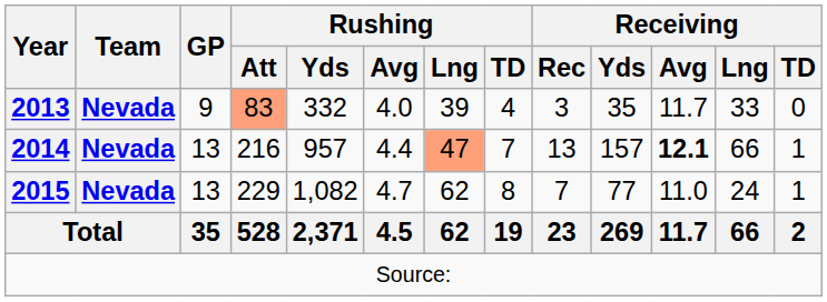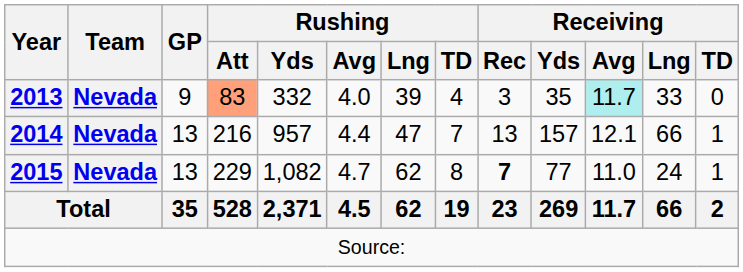 <table class="wikitable" style="text-align: center;">
 <tr>
 <th rowspan="2">Year</th>
 <th rowspan="2">Team</th>
 <th rowspan="2">GP</th>
 <th colspan="5">Rushing</th>
 <th colspan="5">Receiving</th>
 </tr>
 <tr>
 <th>Att</th>
 <th>Yds</th>
 <th>Avg</th>
 <th>Lng</th>
 <th>TD</th>
 <th>Rec</th>
 <th>Yds</th>
 <th>Avg</th>
 <th>Lng</th>
 <th>TD</th>
 </tr>
 <tr>
 <th><a href='#'>2013</a></th>
 <th><a href='#'>Nevada</a></th>
 <td>9</td>
 <td style="background: lightsalmon;">83</td>
 <td>332</td>
 <td>4.0</td>
 <td>39</td>
 <td>4</td>
 <td>3</td>
 <td>35</td>
-<td>11.7</td>
+<td style="background: paleturquoise;">11.7</td>
 <td>33</td>
 <td>0</td>
 </tr>
 <tr>
 <th><a href='#'>2014</a></th>
 <th><a href='#'>Nevada</a></th>
 <td>13</td>
 <td>216</td>
 <td>957</td>
 <td>4.4</td>
-<td style="background: lightsalmon;">47</td>
+<td>47</td>
 <td>7</td>
 <td>13</td>
 <td>157</td>
-<td><strong>12.1</strong></td>
+<td>12.1</td>
 <td>66</td>
 <td>1</td>
 </tr>
 <tr>
 <th><a href='#'>2015</a></th>
 <th><a href='#'>Nevada</a></th>
 <td>13</td>
 <td>229</td>
 <td>1,082</td>
 <td>4.7</td>
 <td>62</td>
 <td>8</td>
-<td>7</td>
+<td><strong>7</strong></td>
 <td>77</td>
 <td>11.0</td>
 <td>24</td>
 <td>1</td>
 </tr>
 <tr>
 <th colspan="2">Total</th>
 <th>35</th>
 <th>528</th>
 <th>2,371</th>
 <th>4.5</th>
 <th>62</th>
 <th>19</th>
 <th>23</th>
 <th>269</th>
 <th>11.7</th>
 <th>66</th>
 <th>2</th>
 </tr>
 <tr>
 <td colspan="13"><small>Source:  </small></td>
 </tr>
 </table>
